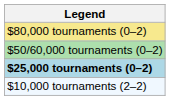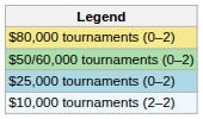 <table class="wikitable" style="font-size:85%;">
 <tr>
 <th>Legend</th>
 </tr>
 <tr style="background:#f7e98e;">
 <td>$80,000 tournaments (0–2)</td>
 </tr>
 <tr style="background:#addfad;">
 <td>$50/60,000 tournaments (0–2)</td>
 </tr>
 <tr style="background:lightblue;">
-<td><strong>$25,000 tournaments (0–2)</strong></td>
+<td>$25,000 tournaments (0–2)</td>
 </tr>
 <tr style="background:#f0f8ff;">
 <td>$10,000 tournaments (2–2)</td>
 </tr>
 </table>
